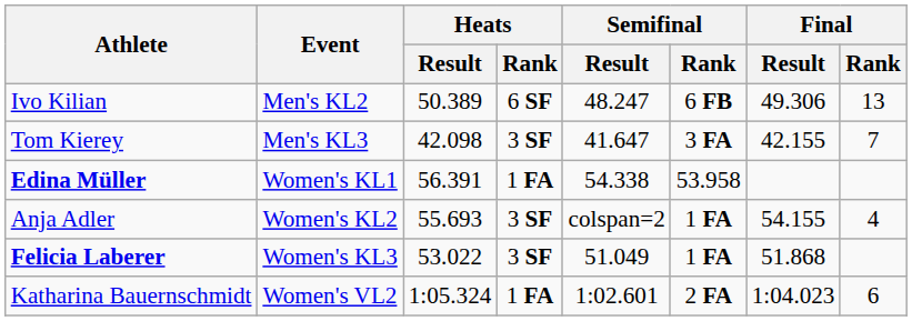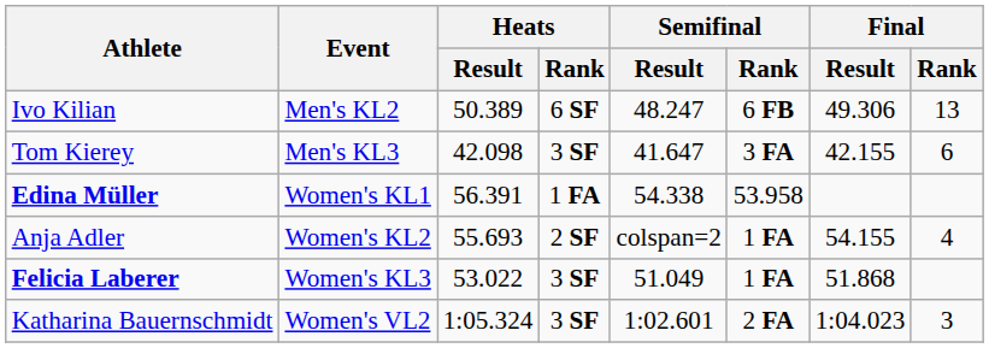 <table class=wikitable style="font-size:90%">
 <tr>
 <th rowspan="2">Athlete</th>
 <th rowspan="2">Event</th>
 <th colspan="2">Heats</th>
 <th colspan="2">Semifinal</th>
 <th colspan="2">Final</th>
 </tr>
 <tr>
 <th>Result</th>
 <th>Rank</th>
 <th>Result</th>
 <th>Rank</th>
 <th>Result</th>
 <th>Rank</th>
 </tr>
 <tr align=center>
 <td align=left><a href='#'>Ivo Kilian</a></td>
 <td align=left><a href='#'>Men's KL2</a></td>
 <td>50.389</td>
 <td>6 <strong>SF</strong></td>
 <td>48.247</td>
 <td>6 <strong>FB</strong></td>
 <td>49.306</td>
 <td>13</td>
 </tr>
 <tr align=center>
 <td align=left><a href='#'>Tom Kierey</a></td>
 <td align=left><a href='#'>Men's KL3</a></td>
 <td>42.098</td>
 <td>3 <strong>SF</strong></td>
 <td>41.647</td>
 <td>3 <strong>FA</strong></td>
 <td>42.155</td>
-<td>7</td>
+<td>6</td>
 </tr>
 <tr align=center>
 <td align=left><strong><a href='#'>Edina Müller</a></strong></td>
 <td align=left><a href='#'>Women's KL1</a></td>
 <td>56.391</td>
 <td>1 <strong>FA</strong></td>
 <td>54.338</td>
 <td>53.958</td>
 <td></td>
 </tr>
 <tr align=center>
 <td align=left><a href='#'>Anja Adler</a></td>
 <td align=left><a href='#'>Women's KL2</a></td>
 <td>55.693</td>
-<td>3 <strong>SF</strong></td>
+<td>2 <strong>SF</strong></td>
 <td>colspan=2</td>
 <td>1 <strong>FA</strong></td>
 <td>54.155</td>
 <td>4</td>
 </tr>
 <tr align=center>
 <td align=left><strong><a href='#'>Felicia Laberer</a></strong></td>
 <td align=left><a href='#'>Women's KL3</a></td>
 <td>53.022</td>
 <td>3 <strong>SF</strong></td>
 <td>51.049</td>
 <td>1 <strong>FA</strong></td>
 <td>51.868</td>
 <td></td>
 </tr>
 <tr align=center>
 <td align=left><a href='#'>Katharina Bauernschmidt</a></td>
 <td align=left><a href='#'>Women's VL2</a></td>
 <td>1:05.324</td>
-<td>1 <strong>FA</strong></td>
+<td>3 <strong>SF</strong></td>
 <td>1:02.601</td>
 <td>2 <strong>FA</strong></td>
 <td>1:04.023</td>
-<td>6</td>
+<td>3</td>
 </tr>
 </table>
